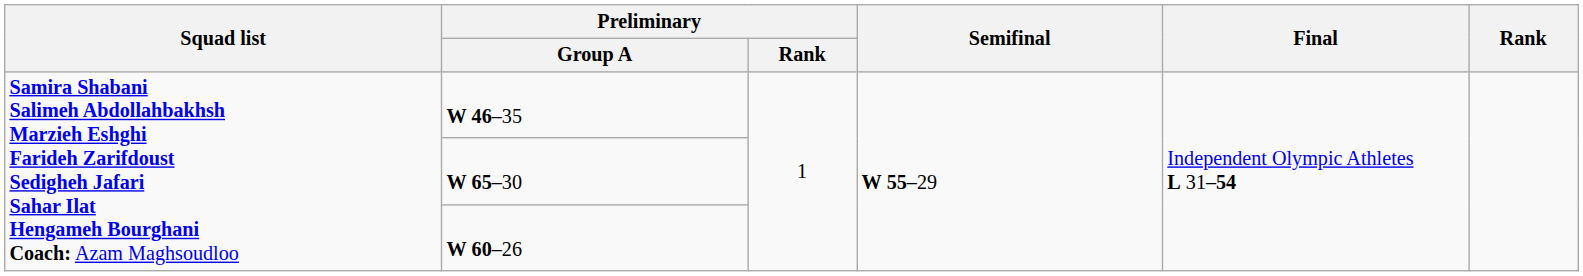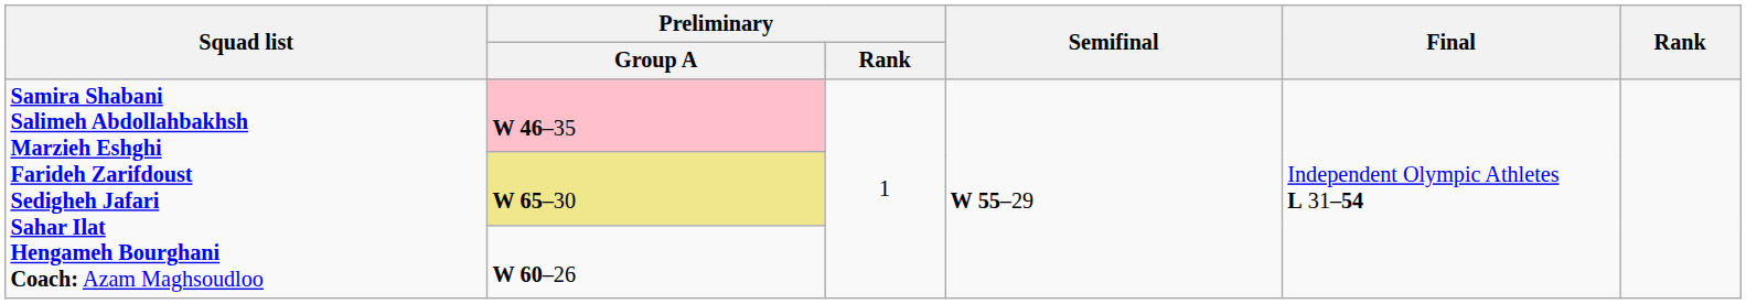 <table class="wikitable" width="71%" style="text-align:left; font-size:90%">
 <tr>
 <th rowspan="2" width="20%">Squad list</th>
 <th colspan="2">Preliminary</th>
 <th rowspan="2" width="14%">Semifinal</th>
 <th rowspan="2" width="14%">Final</th>
 <th rowspan="2" width="5%">Rank</th>
 </tr>
 <tr>
 <th width="14%">Group A</th>
 <th width="5%">Rank</th>
 </tr>
 <tr>
 <td rowspan="3"><strong><a href='#'>Samira Shabani</a><br><a href='#'>Salimeh Abdollahbakhsh</a><br><a href='#'>Marzieh Eshghi</a><br><a href='#'>Farideh Zarifdoust</a><br><a href='#'>Sedigheh Jafari</a><br><a href='#'>Sahar Ilat</a><br><a href='#'>Hengameh Bourghani</a><br>Coach:</strong> <a href='#'>Azam Maghsoudloo</a></td>
-<td><br><strong>W</strong> <strong>46</strong>–35</td>
+<td style="background: pink;"><br><strong>W</strong> <strong>46</strong>–35</td>
 <td rowspan="3" align=center>1 <strong></strong></td>
 <td rowspan="3"><br><strong>W</strong> <strong>55</strong>–29</td>
 <td rowspan="3"> <a href='#'>Independent Olympic Athletes</a><br><strong>L</strong> 31–<strong>54</strong></td>
 <td rowspan="3" align="center"></td>
 </tr>
 <tr>
-<td><br><strong>W</strong> <strong>65</strong>–30</td>
+<td style="background: khaki;"><br><strong>W</strong> <strong>65</strong>–30</td>
 </tr>
 <tr>
 <td><br><strong>W</strong> <strong>60</strong>–26</td>
 </tr>
 </table>
